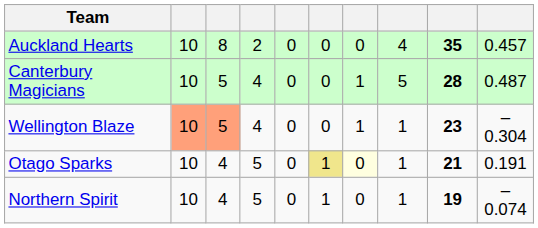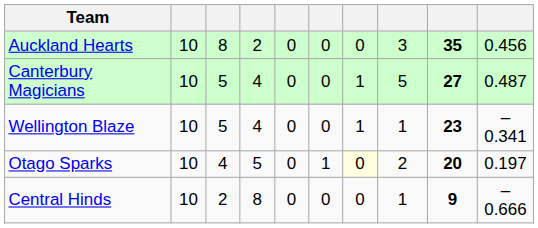 <table class="wikitable" style="text-align:center">
 <tr>
 <th width="150">Team</th>
 <th width="25"></th>
 <th width="25"></th>
 <th width="25"></th>
 <th width="25"></th>
 <th width="25"></th>
 <th width="25"></th>
 <th width="40"></th>
 <th width="40"></th>
 <th width="45"></th>
 </tr>
 <tr style="background:#cfc">
 <td style="text-align:left"><a href='#'>Auckland Hearts</a></td>
 <td>10</td>
 <td>8</td>
 <td>2</td>
 <td>0</td>
 <td>0</td>
 <td>0</td>
-<td>4</td>
+<td>3</td>
 <td><strong>35</strong></td>
-<td>0.457</td>
+<td>0.456</td>
 </tr>
 <tr style="background:#cfc">
 <td style="text-align:left"><a href='#'>Canterbury Magicians</a></td>
 <td>10</td>
 <td>5</td>
 <td>4</td>
 <td>0</td>
 <td>0</td>
 <td>1</td>
 <td>5</td>
-<td><strong>28</strong></td>
+<td><strong>27</strong></td>
 <td>0.487</td>
 </tr>
 <tr>
 <td style="text-align:left"><a href='#'>Wellington Blaze</a></td>
-<td style="background: lightsalmon;">10</td>
-<td style="background: lightsalmon;">5</td>
+<td>10</td>
+<td>5</td>
 <td>4</td>
 <td>0</td>
 <td>0</td>
 <td>1</td>
 <td>1</td>
 <td><strong>23</strong></td>
-<td>–0.304</td>
+<td>–0.341</td>
 </tr>
 <tr>
 <td style="text-align:left"><a href='#'>Otago Sparks</a></td>
 <td>10</td>
 <td>4</td>
 <td>5</td>
 <td>0</td>
-<td style="background: khaki;">1</td>
+<td>1</td>
 <td style="background: lightyellow;">0</td>
-<td>1</td>
-<td><strong>21</strong></td>
-<td>0.191</td>
+<td>2</td>
+<td><strong>20</strong></td>
+<td>0.197</td>
 </tr>
 <tr>
-<td style="text-align:left"><a href='#'>Northern Spirit</a></td>
+<td style="text-align:left"><a href='#'>Central Hinds</a></td>
 <td>10</td>
-<td>4</td>
-<td>5</td>
+<td>2</td>
+<td>8</td>
+<td>0</td>
+<td>0</td>
 <td>0</td>
 <td>1</td>
-<td>0</td>
-<td>1</td>
-<td><strong>19</strong></td>
-<td>–0.074</td>
+<td><strong>9</strong></td>
+<td>–0.666</td>
 </tr>
 </table>
